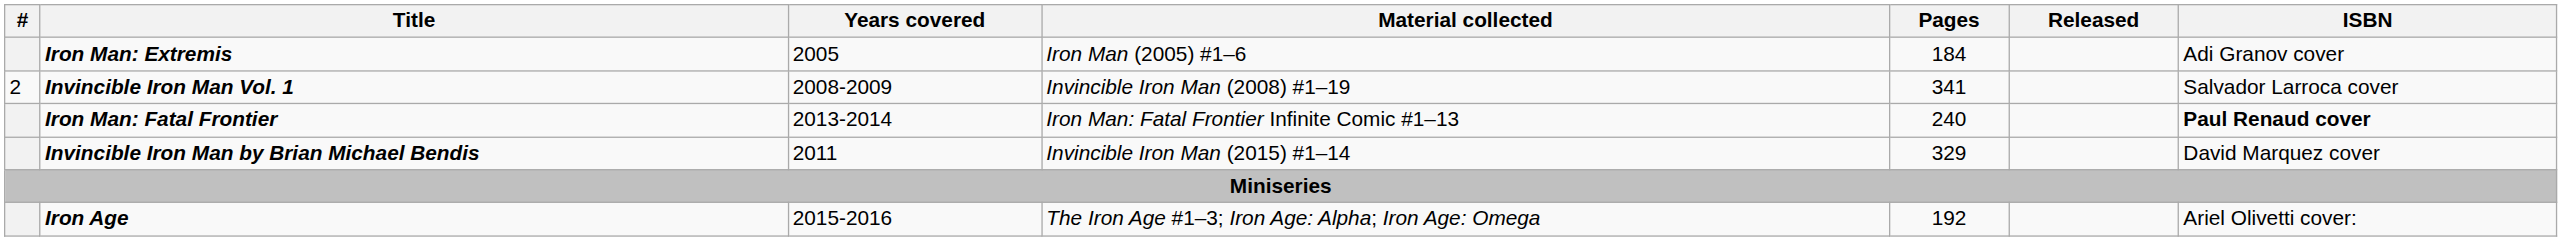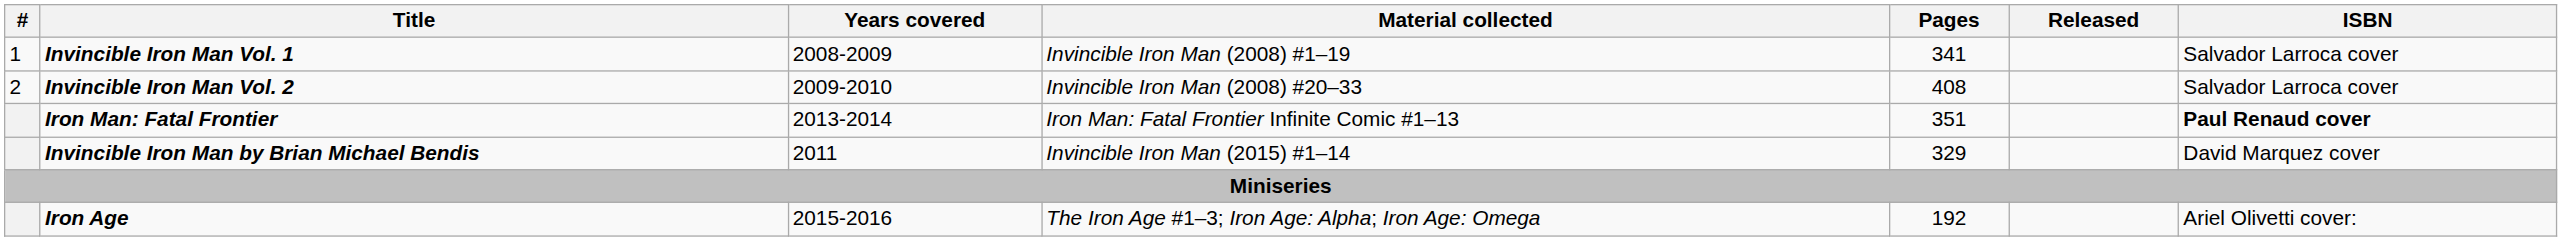 <table class="wikitable sortable" width=99%>
 <tr>
 <th class="unsortable" width=20px>#</th>
 <th>Title</th>
 <th>Years covered</th>
 <th class="unsortable">Material collected</th>
 <th>Pages</th>
 <th>Released</th>
 <th class="unsortable">ISBN</th>
 </tr>
 <tr>
-<th style="background-color: light grey;"></th>
-<td><strong><em>Iron Man: Extremis</em></strong></td>
-<td>2005</td>
-<td><em>Iron Man</em> (2005) #1–6</td>
-<td style="text-align: center;">184</td>
-<td></td>
-<td>Adi Granov cover </td>
-</tr>
-<tr>
-<td>2</td>
+<td>1</td>
 <td><strong><em>Invincible Iron Man Vol. 1</em></strong></td>
 <td>2008-2009</td>
 <td><em>Invincible Iron Man</em> (2008) #1–19</td>
 <td style="text-align: center;">341</td>
 <td></td>
 <td>Salvador Larroca cover </td>
 </tr>
 <tr>
+<td>2</td>
+<td><strong><em>Invincible Iron Man Vol. 2</em></strong></td>
+<td>2009-2010</td>
+<td><em>Invincible Iron Man</em> (2008) #20–33</td>
+<td style="text-align: center;">408</td>
+<td></td>
+<td>Salvador Larroca cover </td>
+</tr>
+<tr>
 <th style="background-color: light grey;"></th>
 <td><strong><em>Iron Man: Fatal Frontier</em></strong></td>
 <td>2013-2014</td>
 <td><em>Iron Man: Fatal Frontier</em> Infinite Comic #1–13</td>
-<td style="text-align: center;">240</td>
+<td style="text-align: center;">351</td>
 <td></td>
 <td><strong>Paul Renaud cover </strong></td>
 </tr>
 <tr>
 <th style="background-color: light grey;"></th>
 <td><strong><em>Invincible Iron Man by Brian Michael Bendis</em></strong></td>
 <td>2011</td>
 <td><em>Invincible Iron Man</em> (2015) #1–14</td>
 <td style="text-align: center;">329</td>
 <td></td>
 <td>David Marquez cover </td>
 </tr>
 <tr>
 <th colspan=7 style="background-color: silver;">Miniseries</th>
 </tr>
 <tr>
 <th style="background-color: light grey;"></th>
 <td><strong><em>Iron Age</em></strong></td>
 <td>2015-2016</td>
 <td><em>The Iron Age</em> #1–3; <em>Iron Age: Alpha</em>; <em>Iron Age: Omega</em></td>
 <td style="text-align: center;">192</td>
 <td></td>
 <td>Ariel Olivetti cover: </td>
 </tr>
 </table>
